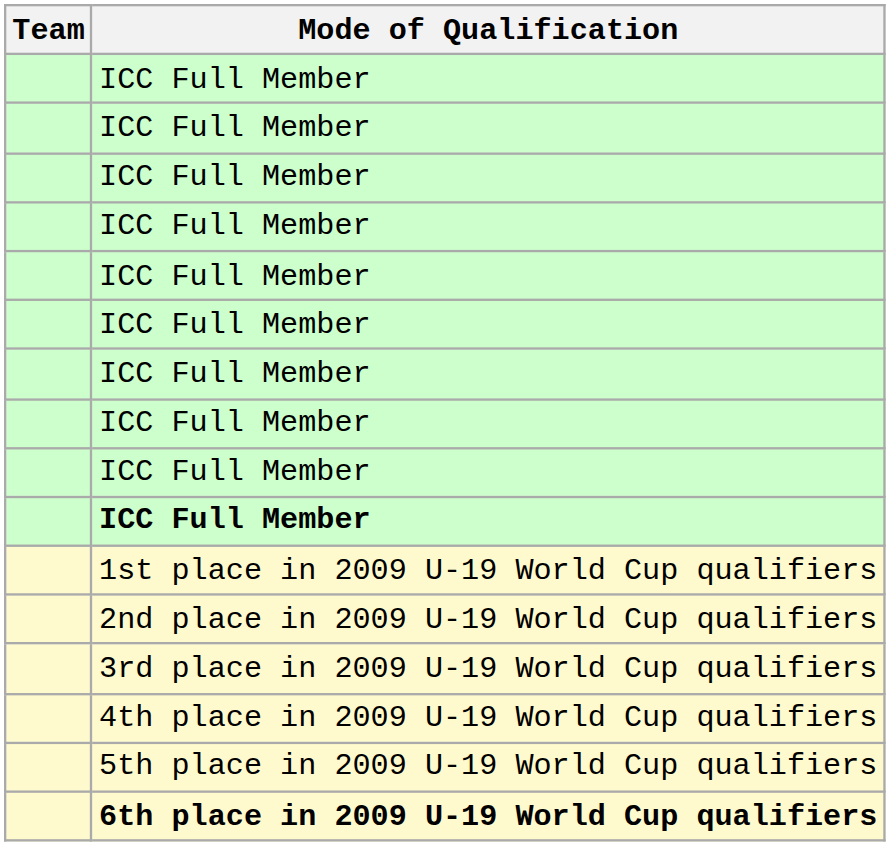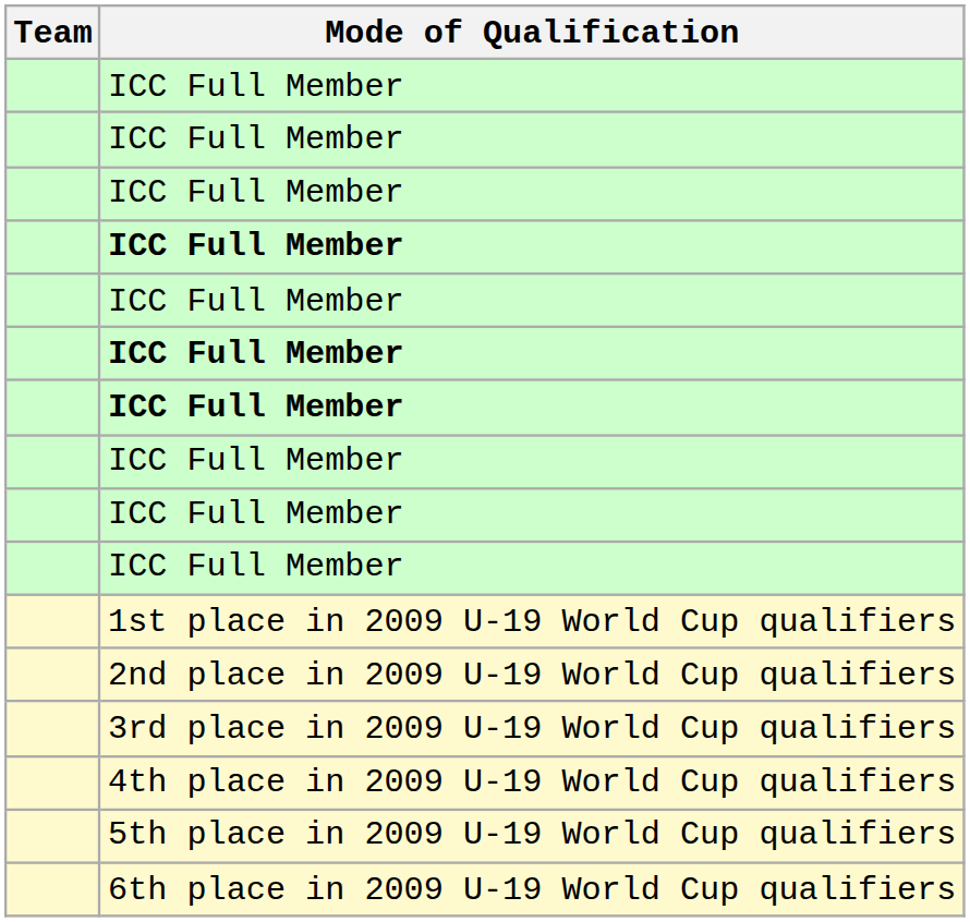 <table class="wikitable">
 <tr>
 <th>Team</th>
 <th>Mode of Qualification</th>
 </tr>
 <tr bgcolor="#ccffcc">
 <td></td>
 <td>ICC Full Member</td>
 </tr>
 <tr bgcolor="#ccffcc">
 <td></td>
 <td>ICC Full Member</td>
 </tr>
 <tr bgcolor="#ccffcc">
 <td></td>
 <td>ICC Full Member</td>
 </tr>
 <tr bgcolor="#ccffcc">
 <td></td>
+<td><strong>ICC Full Member</strong></td>
+</tr>
+<tr bgcolor="#ccffcc">
+<td></td>
 <td>ICC Full Member</td>
+</tr>
+<tr bgcolor="#ccffcc">
+<td></td>
+<td><strong>ICC Full Member</strong></td>
+</tr>
+<tr bgcolor="#ccffcc">
+<td></td>
+<td><strong>ICC Full Member</strong></td>
 </tr>
 <tr bgcolor="#ccffcc">
 <td></td>
 <td>ICC Full Member</td>
 </tr>
 <tr bgcolor="#ccffcc">
 <td></td>
 <td>ICC Full Member</td>
 </tr>
 <tr bgcolor="#ccffcc">
 <td></td>
 <td>ICC Full Member</td>
-</tr>
-<tr bgcolor="#ccffcc">
-<td></td>
-<td>ICC Full Member</td>
-</tr>
-<tr bgcolor="#ccffcc">
-<td></td>
-<td>ICC Full Member</td>
-</tr>
-<tr bgcolor="#ccffcc">
-<td></td>
-<td><strong>ICC Full Member</strong></td>
 </tr>
 <tr bgcolor="#fffacd">
 <td></td>
 <td>1st place in 2009 U-19 World Cup qualifiers</td>
 </tr>
 <tr bgcolor="#fffacd">
 <td></td>
 <td>2nd place in 2009 U-19 World Cup qualifiers</td>
 </tr>
 <tr bgcolor="#fffacd">
 <td></td>
 <td>3rd place in 2009 U-19 World Cup qualifiers</td>
 </tr>
 <tr bgcolor="#fffacd">
 <td></td>
 <td>4th place in 2009 U-19 World Cup qualifiers</td>
 </tr>
 <tr bgcolor="#fffacd">
 <td></td>
 <td>5th place in 2009 U-19 World Cup qualifiers</td>
 </tr>
 <tr bgcolor="#fffacd">
 <td></td>
-<td><strong>6th place in 2009 U-19 World Cup qualifiers</strong></td>
+<td>6th place in 2009 U-19 World Cup qualifiers</td>
 </tr>
 </table>
